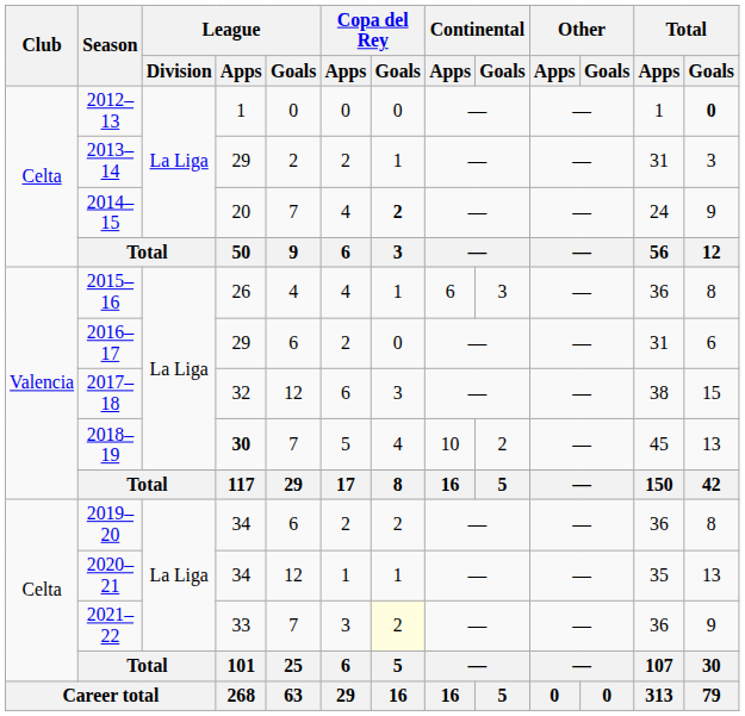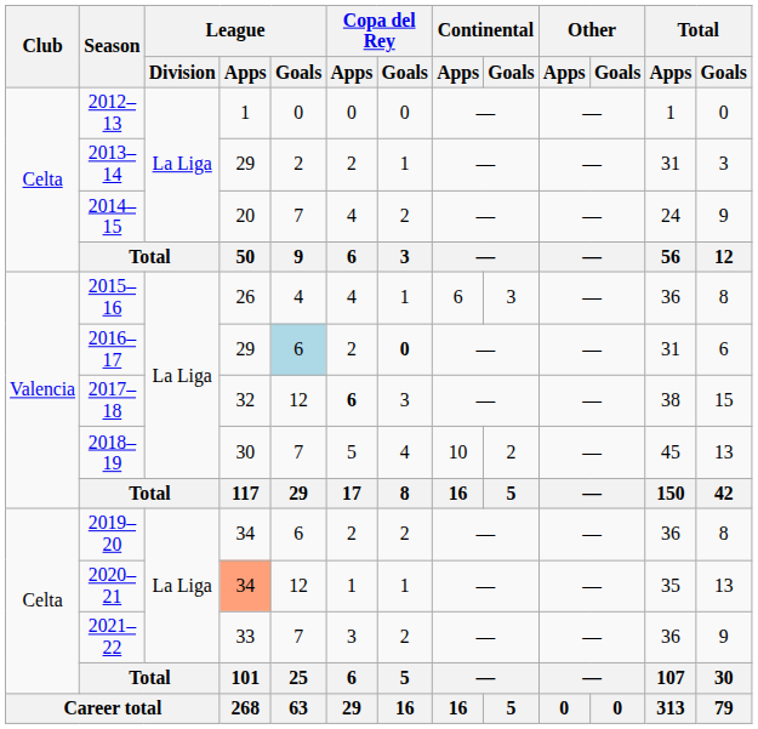 <table class="wikitable" style="text-align: center">
 <tr>
 <th rowspan=2>Club</th>
 <th rowspan=2>Season</th>
 <th colspan=3>League</th>
 <th colspan=2><a href='#'>Copa del Rey</a></th>
 <th colspan=2>Continental</th>
 <th colspan=2>Other</th>
 <th colspan=2>Total</th>
 </tr>
 <tr>
 <th>Division</th>
 <th>Apps</th>
 <th>Goals</th>
 <th>Apps</th>
 <th>Goals</th>
 <th>Apps</th>
 <th>Goals</th>
 <th>Apps</th>
 <th>Goals</th>
 <th>Apps</th>
 <th>Goals</th>
 </tr>
 <tr>
 <td rowspan=4><a href='#'>Celta</a></td>
 <td><a href='#'>2012–13</a></td>
 <td rowspan=3><a href='#'>La Liga</a></td>
 <td>1</td>
 <td>0</td>
 <td>0</td>
 <td>0</td>
 <td colspan=2>—</td>
 <td colspan=2>—</td>
 <td>1</td>
-<td><strong>0</strong></td>
+<td>0</td>
 </tr>
 <tr>
 <td><a href='#'>2013–14</a></td>
 <td>29</td>
 <td>2</td>
 <td>2</td>
 <td>1</td>
 <td colspan=2>—</td>
 <td colspan=2>—</td>
 <td>31</td>
 <td>3</td>
 </tr>
 <tr>
 <td><a href='#'>2014–15</a></td>
 <td>20</td>
 <td>7</td>
 <td>4</td>
-<td><strong>2</strong></td>
+<td>2</td>
 <td colspan=2>—</td>
 <td colspan=2>—</td>
 <td>24</td>
 <td>9</td>
 </tr>
 <tr>
 <th colspan=2>Total</th>
 <th>50</th>
 <th>9</th>
 <th>6</th>
 <th>3</th>
 <th colspan=2>—</th>
 <th colspan=2>—</th>
 <th>56</th>
 <th>12</th>
 </tr>
 <tr>
 <td rowspan=5><a href='#'>Valencia</a></td>
 <td><a href='#'>2015–16</a></td>
 <td rowspan=4>La Liga</td>
 <td>26</td>
 <td>4</td>
 <td>4</td>
 <td>1</td>
 <td>6</td>
 <td>3</td>
 <td colspan=2>—</td>
 <td>36</td>
 <td>8</td>
 </tr>
 <tr>
 <td><a href='#'>2016–17</a></td>
 <td>29</td>
-<td>6</td>
+<td style="background: lightblue;">6</td>
 <td>2</td>
-<td>0</td>
+<td><strong>0</strong></td>
 <td colspan=2>—</td>
 <td colspan=2>—</td>
 <td>31</td>
 <td>6</td>
 </tr>
 <tr>
 <td><a href='#'>2017–18</a></td>
 <td>32</td>
 <td>12</td>
-<td>6</td>
+<td><strong>6</strong></td>
 <td>3</td>
 <td colspan=2>—</td>
 <td colspan=2>—</td>
 <td>38</td>
 <td>15</td>
 </tr>
 <tr>
 <td><a href='#'>2018–19</a></td>
-<td><strong>30</strong></td>
+<td>30</td>
 <td>7</td>
 <td>5</td>
 <td>4</td>
 <td>10</td>
 <td>2</td>
 <td colspan=2>—</td>
 <td>45</td>
 <td>13</td>
 </tr>
 <tr>
 <th colspan=2>Total</th>
 <th>117</th>
 <th>29</th>
 <th>17</th>
 <th>8</th>
 <th>16</th>
 <th>5</th>
 <th colspan=2>—</th>
 <th>150</th>
 <th>42</th>
 </tr>
 <tr>
 <td rowspan=4>Celta</td>
 <td><a href='#'>2019–20</a></td>
 <td rowspan=3>La Liga</td>
 <td>34</td>
 <td>6</td>
 <td>2</td>
 <td>2</td>
 <td colspan=2>—</td>
 <td colspan=2>—</td>
 <td>36</td>
 <td>8</td>
 </tr>
 <tr>
 <td><a href='#'>2020–21</a></td>
-<td>34</td>
+<td style="background: lightsalmon;">34</td>
 <td>12</td>
 <td>1</td>
 <td>1</td>
 <td colspan=2>—</td>
 <td colspan=2>—</td>
 <td>35</td>
 <td>13</td>
 </tr>
 <tr>
 <td><a href='#'>2021–22</a></td>
 <td>33</td>
 <td>7</td>
 <td>3</td>
-<td style="background: lightyellow;">2</td>
+<td>2</td>
 <td colspan=2>—</td>
 <td colspan=2>—</td>
 <td>36</td>
 <td>9</td>
 </tr>
 <tr>
 <th colspan=2>Total</th>
 <th>101</th>
 <th>25</th>
 <th>6</th>
 <th>5</th>
 <th colspan=2>—</th>
 <th colspan=2>—</th>
 <th>107</th>
 <th>30</th>
 </tr>
 <tr>
 <th colspan=3>Career total</th>
 <th>268</th>
 <th>63</th>
 <th>29</th>
 <th>16</th>
 <th>16</th>
 <th>5</th>
 <th>0</th>
 <th>0</th>
 <th>313</th>
 <th>79</th>
 </tr>
 </table>
